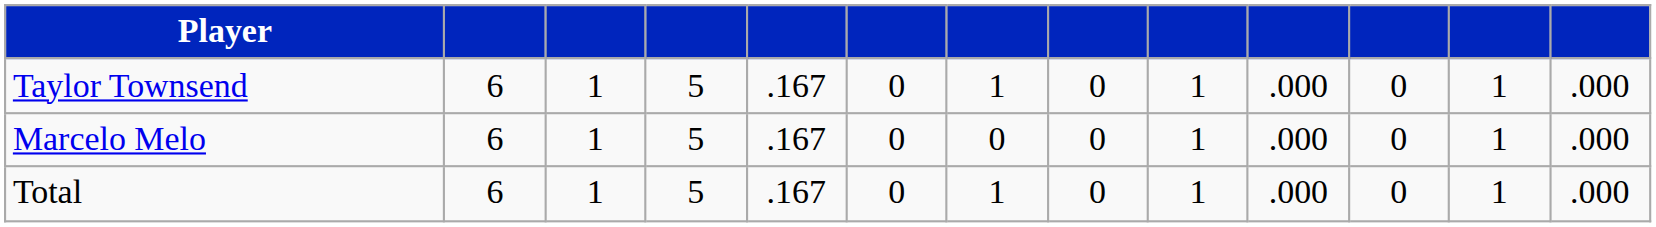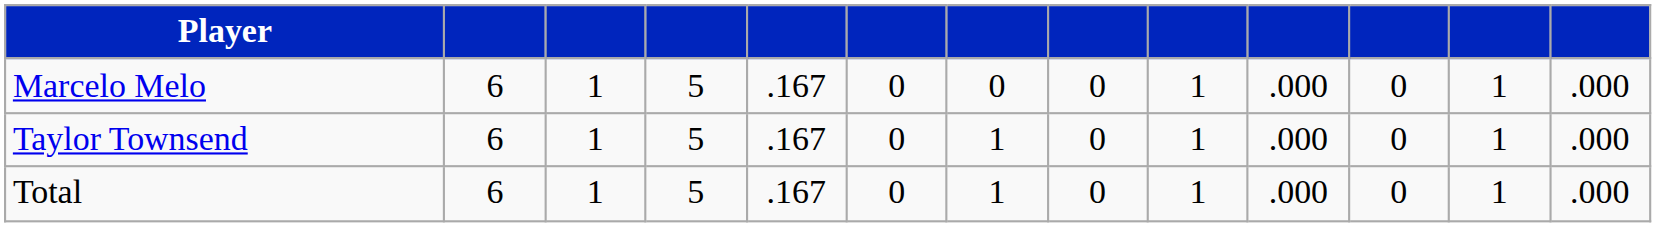 <table class="wikitable" style="text-align:center">
 <tr>
 <th style="background:#0025BD; color:white" width="200px">Player</th>
 <th style="background:#0025BD; color:white" width="40px"></th>
 <th style="background:#0025BD; color:white" width="40px"></th>
 <th style="background:#0025BD; color:white" width="40px"></th>
 <th style="background:#0025BD; color:white" width="40px"></th>
 <th style="background:#0025BD; color:white" width="40px"></th>
 <th style="background:#0025BD; color:white" width="40px"></th>
 <th style="background:#0025BD; color:white" width="40px"></th>
 <th style="background:#0025BD; color:white" width="40px"></th>
 <th style="background:#0025BD; color:white" width="40px"></th>
 <th style="background:#0025BD; color:white" width="40px"></th>
 <th style="background:#0025BD; color:white" width="40px"></th>
 <th style="background:#0025BD; color:white" width="40px"></th>
 </tr>
 <tr>
-<td style="text-align:left"><a href='#'>Taylor Townsend</a></td>
+<td style="text-align:left"><a href='#'>Marcelo Melo</a></td>
 <td>6</td>
 <td>1</td>
 <td>5</td>
 <td>.167</td>
 <td>0</td>
-<td>1</td>
+<td>0</td>
 <td>0</td>
 <td>1</td>
 <td>.000</td>
 <td>0</td>
 <td>1</td>
 <td>.000</td>
 </tr>
 <tr>
-<td style="text-align:left"><a href='#'>Marcelo Melo</a></td>
+<td style="text-align:left"><a href='#'>Taylor Townsend</a></td>
 <td>6</td>
 <td>1</td>
 <td>5</td>
 <td>.167</td>
 <td>0</td>
-<td>0</td>
+<td>1</td>
 <td>0</td>
 <td>1</td>
 <td>.000</td>
 <td>0</td>
 <td>1</td>
 <td>.000</td>
 </tr>
 <tr>
 <td style="text-align:left">Total</td>
 <td>6</td>
 <td>1</td>
 <td>5</td>
 <td>.167</td>
 <td>0</td>
 <td>1</td>
 <td>0</td>
 <td>1</td>
 <td>.000</td>
 <td>0</td>
 <td>1</td>
 <td>.000</td>
 </tr>
 </table>
